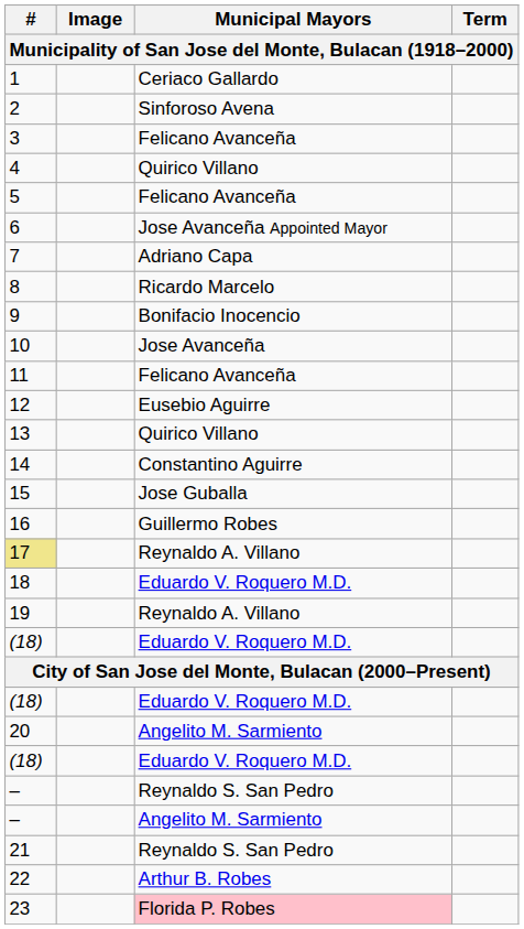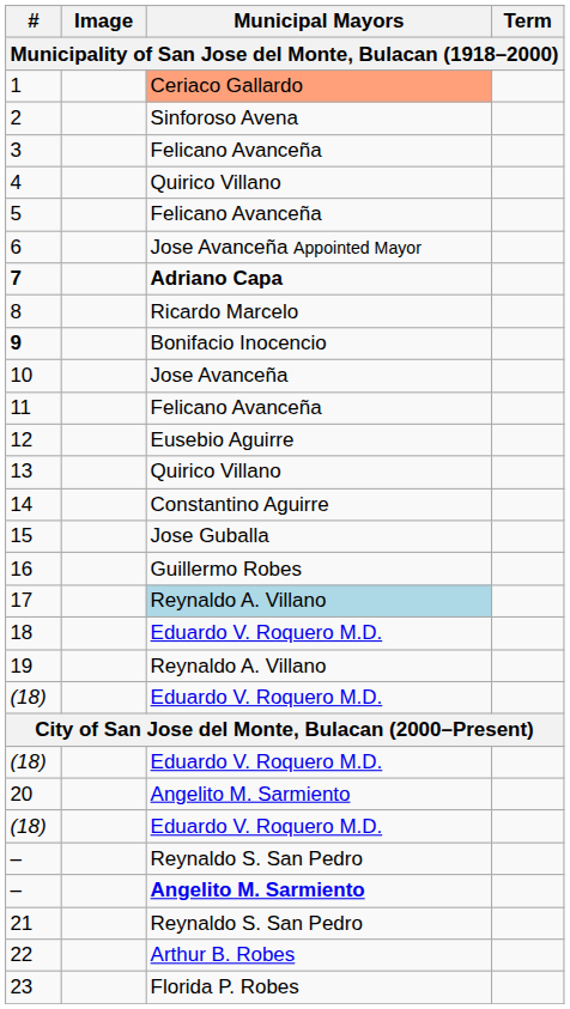 <table class="wikitable">
 <tr>
 <th>#</th>
 <th>Image</th>
 <th>Municipal Mayors</th>
 <th>Term</th>
 </tr>
 <tr>
 <th colspan=4>Municipality of San Jose del Monte, Bulacan (1918–2000)</th>
 </tr>
 <tr>
 <td>1</td>
 <td></td>
-<td>Ceriaco Gallardo</td>
+<td style="background: lightsalmon;">Ceriaco Gallardo</td>
 <td></td>
 </tr>
 <tr>
 <td>2</td>
 <td></td>
 <td>Sinforoso Avena</td>
 <td></td>
 </tr>
 <tr>
 <td>3</td>
 <td></td>
 <td>Felicano Avanceña</td>
 <td></td>
 </tr>
 <tr>
 <td>4</td>
 <td></td>
 <td>Quirico Villano</td>
 <td></td>
 </tr>
 <tr>
 <td>5</td>
 <td></td>
 <td>Felicano Avanceña</td>
 <td></td>
 </tr>
 <tr>
 <td>6</td>
 <td></td>
 <td>Jose Avanceña <small>Appointed Mayor</small></td>
 <td></td>
 </tr>
 <tr>
-<td>7</td>
+<td><strong>7</strong></td>
 <td></td>
-<td>Adriano Capa</td>
+<td><strong>Adriano Capa</strong></td>
 <td></td>
 </tr>
 <tr>
 <td>8</td>
 <td></td>
 <td>Ricardo Marcelo</td>
 <td></td>
 </tr>
 <tr>
-<td>9</td>
+<td><strong>9</strong></td>
 <td></td>
 <td>Bonifacio Inocencio</td>
 <td></td>
 </tr>
 <tr>
 <td>10</td>
 <td></td>
 <td>Jose Avanceña</td>
 <td></td>
 </tr>
 <tr>
 <td>11</td>
 <td></td>
 <td>Felicano Avanceña</td>
 <td></td>
 </tr>
 <tr>
 <td>12</td>
 <td></td>
 <td>Eusebio Aguirre</td>
 <td></td>
 </tr>
 <tr>
 <td>13</td>
 <td></td>
 <td>Quirico Villano</td>
 <td></td>
 </tr>
 <tr>
 <td>14</td>
 <td></td>
 <td>Constantino Aguirre</td>
 <td></td>
 </tr>
 <tr>
 <td>15</td>
 <td></td>
 <td>Jose Guballa</td>
 <td></td>
 </tr>
 <tr>
 <td>16</td>
 <td></td>
 <td>Guillermo Robes</td>
 <td></td>
 </tr>
 <tr>
-<td style="background: khaki;">17</td>
+<td>17</td>
 <td></td>
-<td>Reynaldo A. Villano</td>
+<td style="background: lightblue;">Reynaldo A. Villano</td>
 <td></td>
 </tr>
 <tr>
 <td>18</td>
 <td></td>
 <td><a href='#'>Eduardo V. Roquero M.D.</a></td>
 <td></td>
 </tr>
 <tr>
 <td>19</td>
 <td></td>
 <td>Reynaldo A. Villano</td>
 <td></td>
 </tr>
 <tr>
 <td><em>(18)</em></td>
 <td></td>
 <td><a href='#'>Eduardo V. Roquero M.D.</a></td>
 <td></td>
 </tr>
 <tr>
 <th colspan=4>City of San Jose del Monte, Bulacan (2000–Present)</th>
 </tr>
 <tr>
 <td><em>(18)</em></td>
 <td></td>
 <td><a href='#'>Eduardo V. Roquero M.D.</a></td>
 <td></td>
 </tr>
 <tr>
 <td>20</td>
 <td></td>
 <td><a href='#'>Angelito M. Sarmiento</a></td>
 <td></td>
 </tr>
 <tr>
 <td><em>(18)</em></td>
 <td></td>
 <td><a href='#'>Eduardo V. Roquero M.D.</a></td>
 <td></td>
 </tr>
 <tr>
 <td>–</td>
 <td></td>
 <td>Reynaldo S. San Pedro</td>
 <td></td>
 </tr>
 <tr>
 <td>–</td>
 <td></td>
-<td><a href='#'>Angelito M. Sarmiento</a></td>
+<td><strong><a href='#'>Angelito M. Sarmiento</a></strong></td>
 <td></td>
 </tr>
 <tr>
 <td>21</td>
 <td></td>
 <td>Reynaldo S. San Pedro</td>
 <td></td>
 </tr>
 <tr>
 <td>22</td>
 <td></td>
 <td><a href='#'>Arthur B. Robes</a></td>
 <td></td>
 </tr>
 <tr>
 <td>23</td>
 <td></td>
-<td style="background: pink;">Florida P. Robes</td>
+<td>Florida P. Robes</td>
 <td></td>
 </tr>
 </table>
